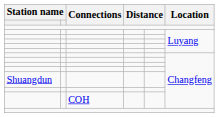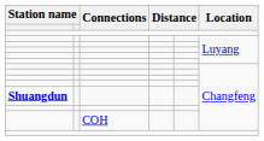 <table class="wikitable">
 <tr>
 <th colspan="2">Station name</th>
 <th rowspan="2">Connections</th>
 <th colspan="2" rowspan="2">Distance<br></th>
 <th rowspan="2">Location</th>
 </tr>
 <tr>
 <th></th>
 <th></th>
 </tr>
 <tr style="background:#">
 <td colspan="6"></td>
 </tr>
 <tr>
 <td></td>
 <td></td>
 <td></td>
 <td></td>
 <td></td>
 <td rowspan="5"><a href='#'>Luyang</a></td>
 </tr>
 <tr>
 <td></td>
 <td></td>
 <td></td>
 <td></td>
 <td></td>
 </tr>
 <tr>
 <td></td>
 <td></td>
 <td></td>
 <td></td>
 <td></td>
 </tr>
 <tr>
 <td></td>
 <td></td>
 <td></td>
 <td></td>
 <td></td>
 </tr>
 <tr>
 <td></td>
 <td></td>
 <td></td>
 <td></td>
 <td></td>
 </tr>
 <tr>
 <td></td>
 <td></td>
 <td></td>
 <td></td>
 <td></td>
 <td rowspan="7"><a href='#'>Changfeng</a></td>
 </tr>
 <tr>
 <td></td>
 <td></td>
 <td></td>
 <td></td>
 <td></td>
 </tr>
 <tr>
 <td></td>
 <td></td>
 <td></td>
 <td></td>
 <td></td>
 </tr>
 <tr>
 <td></td>
 <td></td>
 <td></td>
 <td></td>
 <td></td>
 </tr>
 <tr>
-<td><a href='#'>Shuangdun</a></td>
+<td><strong><a href='#'>Shuangdun</a></strong></td>
 <td></td>
 <td></td>
 <td></td>
 <td></td>
 </tr>
 <tr>
 <td></td>
 <td></td>
 <td></td>
 <td></td>
 <td></td>
 </tr>
 <tr>
 <td></td>
 <td></td>
 <td> <a href='#'>COH</a></td>
 <td></td>
 <td></td>
 </tr>
 <tr style="background:#">
 <td colspan="6"></td>
 </tr>
 </table>
